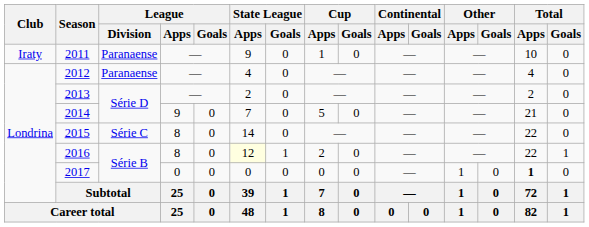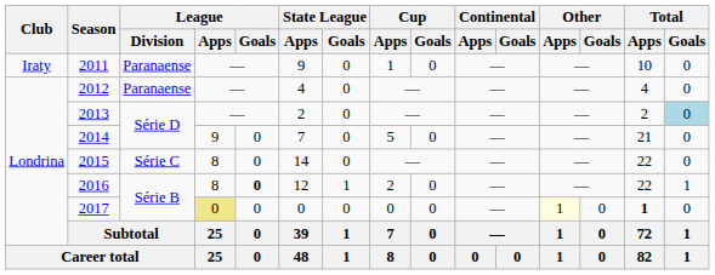 <table class="wikitable" style="text-align: center;">
 <tr>
 <th rowspan="2">Club</th>
 <th rowspan="2">Season</th>
 <th colspan="3">League</th>
 <th colspan="2">State League</th>
 <th colspan="2">Cup</th>
 <th colspan="2">Continental</th>
 <th colspan="2">Other</th>
 <th colspan="2">Total</th>
 </tr>
 <tr>
 <th>Division</th>
 <th>Apps</th>
 <th>Goals</th>
 <th>Apps</th>
 <th>Goals</th>
 <th>Apps</th>
 <th>Goals</th>
 <th>Apps</th>
 <th>Goals</th>
 <th>Apps</th>
 <th>Goals</th>
 <th>Apps</th>
 <th>Goals</th>
 </tr>
 <tr>
 <td align="center"><a href='#'>Iraty</a></td>
 <td><a href='#'>2011</a></td>
 <td><a href='#'>Paranaense</a></td>
 <td colspan="2">—</td>
 <td>9</td>
 <td>0</td>
 <td>1</td>
 <td>0</td>
 <td colspan="2">—</td>
 <td colspan="2">—</td>
 <td>10</td>
 <td>0</td>
 </tr>
 <tr>
 <td rowspan=7 align="center"><a href='#'>Londrina</a></td>
 <td><a href='#'>2012</a></td>
 <td><a href='#'>Paranaense</a></td>
 <td colspan="2">—</td>
 <td>4</td>
 <td>0</td>
 <td colspan="2">—</td>
 <td colspan="2">—</td>
 <td colspan="2">—</td>
 <td>4</td>
 <td>0</td>
 </tr>
 <tr>
 <td><a href='#'>2013</a></td>
 <td rowspan=2><a href='#'>Série D</a></td>
 <td colspan="2">—</td>
 <td>2</td>
 <td>0</td>
 <td colspan="2">—</td>
 <td colspan="2">—</td>
 <td colspan="2">—</td>
 <td>2</td>
-<td>0</td>
+<td style="background: lightblue;">0</td>
 </tr>
 <tr>
 <td><a href='#'>2014</a></td>
 <td>9</td>
 <td>0</td>
 <td>7</td>
 <td>0</td>
 <td>5</td>
 <td>0</td>
 <td colspan="2">—</td>
 <td colspan="2">—</td>
 <td>21</td>
 <td>0</td>
 </tr>
 <tr>
 <td><a href='#'>2015</a></td>
 <td><a href='#'>Série C</a></td>
 <td>8</td>
 <td>0</td>
 <td>14</td>
 <td>0</td>
 <td colspan="2">—</td>
 <td colspan="2">—</td>
 <td colspan="2">—</td>
 <td>22</td>
 <td>0</td>
 </tr>
 <tr>
 <td><a href='#'>2016</a></td>
 <td rowspan=2><a href='#'>Série B</a></td>
 <td>8</td>
-<td>0</td>
-<td style="background: lightyellow;">12</td>
+<td><strong>0</strong></td>
+<td>12</td>
 <td>1</td>
 <td>2</td>
 <td>0</td>
 <td colspan="2">—</td>
 <td colspan="2">—</td>
 <td>22</td>
 <td>1</td>
 </tr>
 <tr>
 <td><a href='#'>2017</a></td>
-<td>0</td>
+<td style="background: khaki;">0</td>
 <td>0</td>
 <td>0</td>
 <td>0</td>
 <td>0</td>
 <td>0</td>
 <td colspan="2">—</td>
-<td>1</td>
+<td style="background: lightyellow;">1</td>
 <td>0</td>
 <td><strong>1</strong></td>
 <td>0</td>
 </tr>
 <tr>
 <th colspan="2">Subtotal</th>
 <th>25</th>
 <th>0</th>
 <th>39</th>
 <th>1</th>
 <th>7</th>
 <th>0</th>
 <th colspan="2">—</th>
 <th>1</th>
 <th>0</th>
 <th>72</th>
 <th>1</th>
 </tr>
 <tr>
 <th colspan="3"><strong>Career total</strong></th>
 <th>25</th>
 <th>0</th>
 <th>48</th>
 <th>1</th>
 <th>8</th>
 <th>0</th>
 <th>0</th>
 <th>0</th>
 <th>1</th>
 <th>0</th>
 <th>82</th>
 <th>1</th>
 </tr>
 </table>
